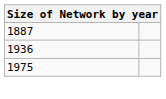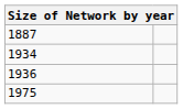 <table class="wikitable" style="float:right; clear:both; margin:10px; text-size:60%; text-align:left;">
 <tr>
 <th style="text-align:center;" colspan="2"><strong>Size of Network by year</strong></th>
 </tr>
 <tr>
 <td>1887</td>
+<td></td>
+</tr>
+<tr>
+<td>1934</td>
 <td></td>
 </tr>
 <tr>
 <td>1936</td>
 <td></td>
 </tr>
 <tr>
 <td>1975</td>
 <td></td>
 </tr>
 </table>
